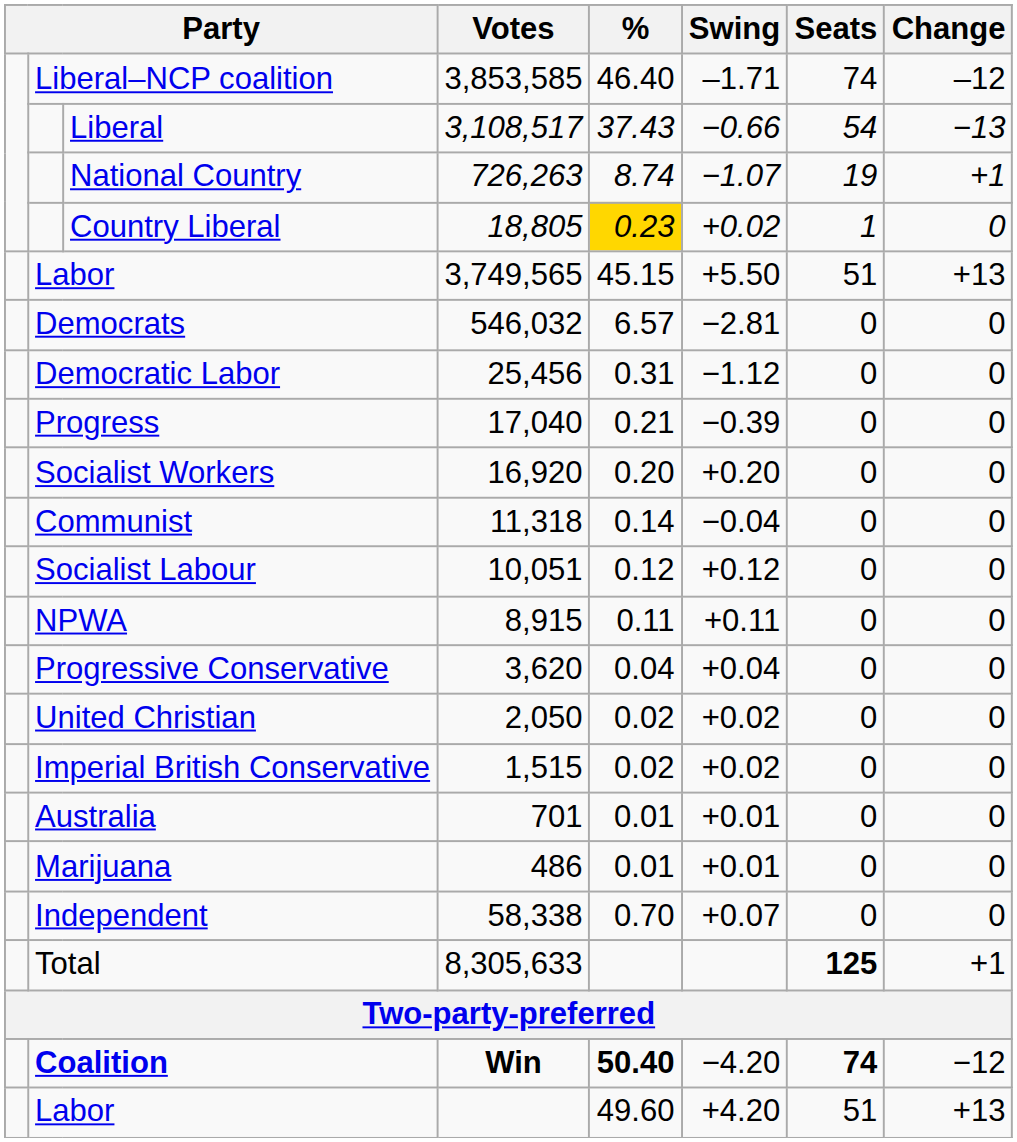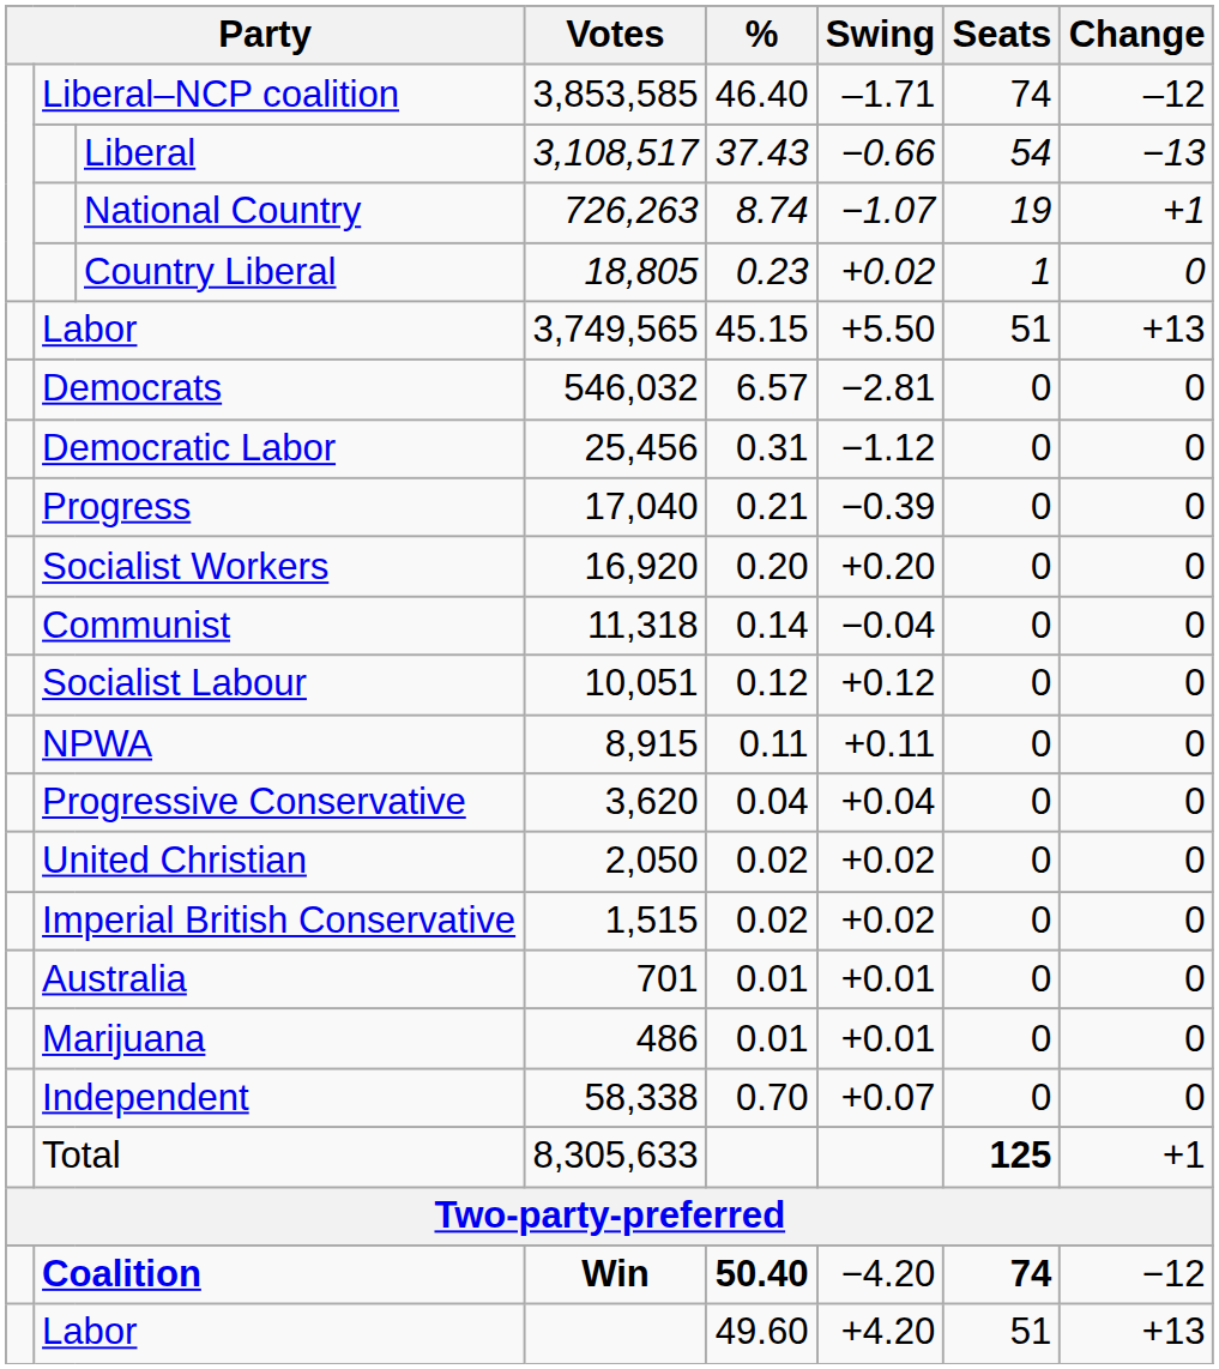 <table class="wikitable">
 <tr>
 <th colspan=3 style="width:180px">Party</th>
 <th style="width:70px;">Votes</th>
 <th style="width:40px;">%</th>
 <th style="width:40px;">Swing</th>
 <th style="width:40px;">Seats</th>
 <th style="width:40px;">Change</th>
 </tr>
 <tr>
 <td rowspan=4> </td>
 <td colspan=2><a href='#'>Liberal–NCP coalition</a></td>
 <td align=right>3,853,585</td>
 <td align=right>46.40</td>
 <td align=right>–1.71</td>
 <td align=right>74</td>
 <td align=right>–12</td>
 </tr>
 <tr>
 <td> </td>
 <td><a href='#'>Liberal</a></td>
 <td align=right><em>3,108,517</em></td>
 <td align=right><em>37.43</em></td>
 <td align=right><em>−0.66</em></td>
 <td align=right><em>54</em></td>
 <td align=right><em>−13</em></td>
 </tr>
 <tr>
 <td> </td>
 <td><a href='#'>National Country</a></td>
 <td align=right><em>726,263</em></td>
 <td align=right><em>8.74</em></td>
 <td align=right><em>−1.07</em></td>
 <td align=right><em>19</em></td>
 <td align=right><em>+1</em></td>
 </tr>
 <tr>
 <td> </td>
 <td><a href='#'>Country Liberal</a></td>
 <td align=right><em>18,805</em></td>
-<td align=right style="background: gold;"><em>0.23</em></td>
+<td align=right><em>0.23</em></td>
 <td align=right><em>+0.02</em></td>
 <td align=right><em>1</em></td>
 <td align=right><em>0</em></td>
 </tr>
 <tr>
 <td> </td>
 <td colspan=2><a href='#'>Labor</a></td>
 <td align=right>3,749,565</td>
 <td align=right>45.15</td>
 <td align=right>+5.50</td>
 <td align=right>51</td>
 <td align=right>+13</td>
 </tr>
 <tr>
 <td> </td>
 <td colspan=2><a href='#'>Democrats</a></td>
 <td align=right>546,032</td>
 <td align=right>6.57</td>
 <td align=right>−2.81</td>
 <td align=right>0</td>
 <td align=right>0</td>
 </tr>
 <tr>
 <td> </td>
 <td colspan=2><a href='#'>Democratic Labor</a></td>
 <td align=right>25,456</td>
 <td align=right>0.31</td>
 <td align=right>−1.12</td>
 <td align=right>0</td>
 <td align=right>0</td>
 </tr>
 <tr>
 <td> </td>
 <td colspan=2><a href='#'>Progress</a></td>
 <td align=right>17,040</td>
 <td align=right>0.21</td>
 <td align=right>−0.39</td>
 <td align=right>0</td>
 <td align=right>0</td>
 </tr>
 <tr>
 <td> </td>
 <td colspan=2><a href='#'>Socialist Workers</a></td>
 <td align=right>16,920</td>
 <td align=right>0.20</td>
 <td align=right>+0.20</td>
 <td align=right>0</td>
 <td align=right>0</td>
 </tr>
 <tr>
 <td> </td>
 <td colspan=2><a href='#'>Communist</a></td>
 <td align=right>11,318</td>
 <td align=right>0.14</td>
 <td align=right>−0.04</td>
 <td align=right>0</td>
 <td align=right>0</td>
 </tr>
 <tr>
 <td> </td>
 <td colspan=2><a href='#'>Socialist Labour</a></td>
 <td align=right>10,051</td>
 <td align=right>0.12</td>
 <td align=right>+0.12</td>
 <td align=right>0</td>
 <td align=right>0</td>
 </tr>
 <tr>
 <td> </td>
 <td colspan=2><a href='#'>NPWA</a></td>
 <td align=right>8,915</td>
 <td align=right>0.11</td>
 <td align=right>+0.11</td>
 <td align=right>0</td>
 <td align=right>0</td>
 </tr>
 <tr>
 <td> </td>
 <td colspan=2><a href='#'>Progressive Conservative</a></td>
 <td align=right>3,620</td>
 <td align=right>0.04</td>
 <td align=right>+0.04</td>
 <td align=right>0</td>
 <td align=right>0</td>
 </tr>
 <tr>
 <td> </td>
 <td colspan=2><a href='#'>United Christian</a></td>
 <td align=right>2,050</td>
 <td align=right>0.02</td>
 <td align=right>+0.02</td>
 <td align=right>0</td>
 <td align=right>0</td>
 </tr>
 <tr>
 <td> </td>
 <td colspan=2><a href='#'>Imperial British Conservative</a></td>
 <td align=right>1,515</td>
 <td align=right>0.02</td>
 <td align=right>+0.02</td>
 <td align=right>0</td>
 <td align=right>0</td>
 </tr>
 <tr>
 <td> </td>
 <td colspan=2><a href='#'>Australia</a></td>
 <td align=right>701</td>
 <td align=right>0.01</td>
 <td align=right>+0.01</td>
 <td align=right>0</td>
 <td align=right>0</td>
 </tr>
 <tr>
 <td> </td>
 <td colspan=2><a href='#'>Marijuana</a></td>
 <td align=right>486</td>
 <td align=right>0.01</td>
 <td align=right>+0.01</td>
 <td align=right>0</td>
 <td align=right>0</td>
 </tr>
 <tr>
 <td> </td>
 <td colspan=2><a href='#'>Independent</a></td>
 <td align=right>58,338</td>
 <td align=right>0.70</td>
 <td align=right>+0.07</td>
 <td align=right>0</td>
 <td align=right>0</td>
 </tr>
 <tr>
 <td> </td>
 <td colspan=2>Total</td>
 <td align=right>8,305,633</td>
 <td align=right> </td>
 <td align=right> </td>
 <td align=right><strong>125</strong></td>
 <td align=right>+1</td>
 </tr>
 <tr>
 <th colspan=8 align=center><a href='#'>Two-party-preferred</a> </th>
 </tr>
 <tr>
 <td> </td>
 <td colspan=2><strong><a href='#'>Coalition</a></strong></td>
 <td align=center><strong>Win</strong></td>
 <td align=right><strong>50.40</strong></td>
 <td align=right>−4.20</td>
 <td align=right><strong>74</strong></td>
 <td align=right>−12</td>
 </tr>
 <tr>
 <td> </td>
 <td colspan=2><a href='#'>Labor</a></td>
 <td align=right> </td>
 <td align=right>49.60</td>
 <td align=right>+4.20</td>
 <td align=right>51</td>
 <td align=right>+13</td>
 </tr>
 </table>
